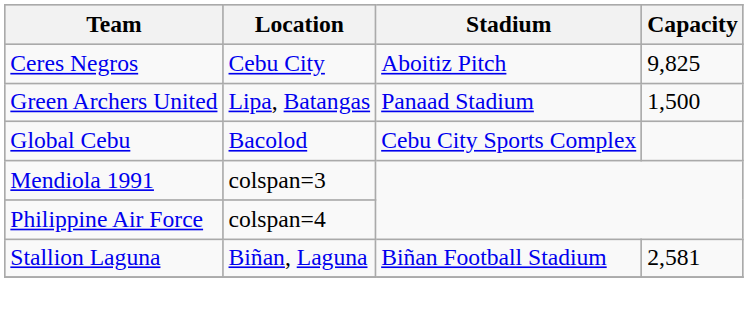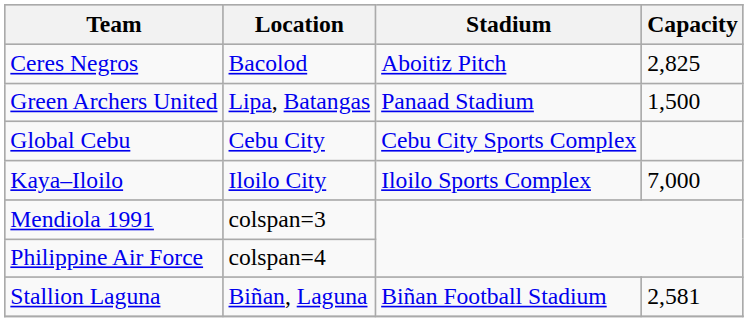 <table class="wikitable sortable" style="text-align:left; font-size: 90%;">
 <tr>
 <th>Team</th>
 <th>Location</th>
 <th>Stadium</th>
 <th>Capacity</th>
 </tr>
 <tr>
 <td><a href='#'>Ceres Negros</a></td>
-<td><a href='#'>Cebu City</a></td>
+<td><a href='#'>Bacolod</a></td>
 <td><a href='#'>Aboitiz Pitch</a></td>
-<td>9,825</td>
+<td>2,825</td>
 </tr>
 <tr>
 <td><a href='#'>Green Archers United</a></td>
 <td><a href='#'>Lipa</a>, <a href='#'>Batangas</a></td>
 <td><a href='#'>Panaad Stadium</a> </td>
 <td>1,500</td>
 </tr>
 <tr>
 <td><a href='#'>Global Cebu</a></td>
-<td><a href='#'>Bacolod</a></td>
+<td><a href='#'>Cebu City</a></td>
 <td><a href='#'>Cebu City Sports Complex</a></td>
 <td></td>
+</tr>
+<tr>
+<td><a href='#'>Kaya–Iloilo</a></td>
+<td><a href='#'>Iloilo City</a></td>
+<td><a href='#'>Iloilo Sports Complex</a></td>
+<td>7,000</td>
 </tr>
 <tr>
 <td><a href='#'>Mendiola 1991</a></td>
 <td>colspan=3</td>
 </tr>
 <tr>
 <td><a href='#'>Philippine Air Force</a></td>
 <td>colspan=4</td>
 </tr>
 <tr>
 <td><a href='#'>Stallion Laguna</a></td>
 <td><a href='#'>Biñan</a>, <a href='#'>Laguna</a></td>
 <td><a href='#'>Biñan Football Stadium</a></td>
 <td>2,581</td>
 </tr>
 <tr>
 </tr>
 </table>
